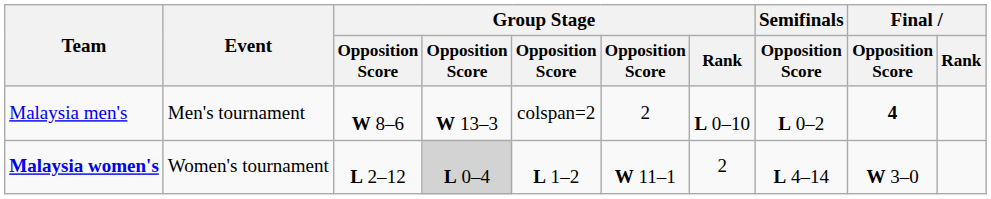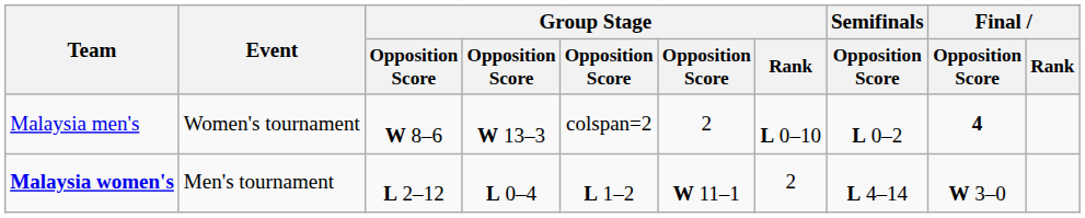 <table class="wikitable" style="font-size:85%">
 <tr>
 <th rowspan=2>Team</th>
 <th rowspan=2>Event</th>
 <th colspan=5>Group Stage</th>
 <th>Semifinals</th>
 <th colspan=2>Final / </th>
 </tr>
 <tr style="font-size:90%">
 <th>Opposition<br>Score</th>
 <th>Opposition<br>Score</th>
 <th>Opposition<br>Score</th>
 <th>Opposition<br>Score</th>
 <th>Rank</th>
 <th>Opposition<br>Score</th>
 <th>Opposition<br>Score</th>
 <th>Rank</th>
 </tr>
 <tr align=center>
 <td align=left><a href='#'>Malaysia men's</a></td>
-<td align=left>Men's tournament</td>
+<td align=left>Women's tournament</td>
 <td><br><strong>W</strong> 8–6</td>
 <td><br><strong>W</strong> 13–3</td>
 <td>colspan=2 </td>
 <td>2</td>
 <td><br><strong>L</strong> 0–10</td>
 <td><br><strong>L</strong> 0–2</td>
 <td><strong>4</strong></td>
 </tr>
 <tr align=center>
 <td align=left><strong><a href='#'>Malaysia women's</a></strong></td>
-<td align=left>Women's tournament</td>
+<td align=left>Men's tournament</td>
 <td><br><strong>L</strong> 2–12</td>
-<td style="background: lightgrey;"><br><strong>L</strong> 0–4</td>
+<td><br><strong>L</strong> 0–4</td>
 <td><br><strong>L</strong> 1–2</td>
 <td><br><strong>W</strong> 11–1</td>
 <td>2</td>
 <td><br><strong>L</strong> 4–14</td>
 <td><br><strong>W</strong> 3–0</td>
 <td></td>
 </tr>
 </table>
